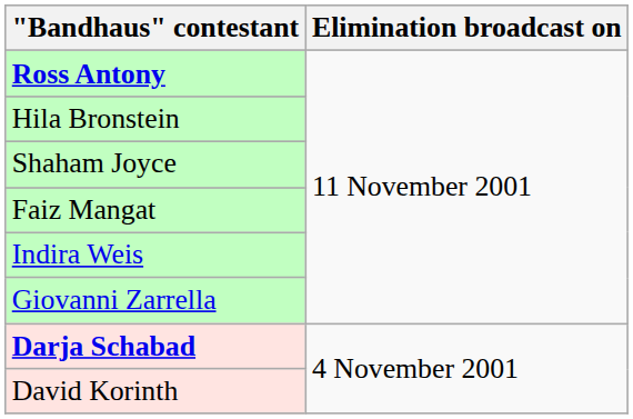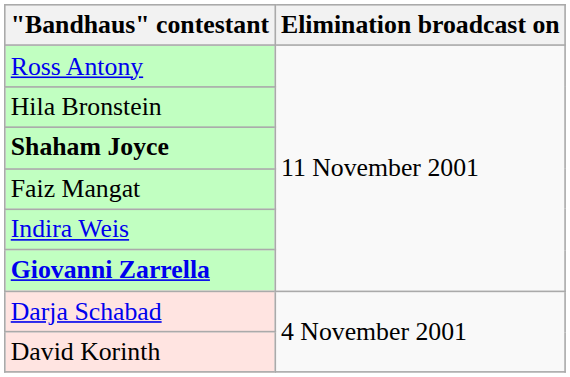 <table class=wikitable>
 <tr>
 <th>"Bandhaus" contestant</th>
 <th>Elimination broadcast on</th>
 </tr>
 <tr>
-<td style="background-color:#C1FFC1;"><strong><a href='#'>Ross Antony</a></strong></td>
+<td style="background-color:#C1FFC1;"><a href='#'>Ross Antony</a></td>
 <td align="left" rowspan=6>11 November 2001</td>
 </tr>
 <tr bgcolor="#C1FFC1">
 <td>Hila Bronstein</td>
 </tr>
 <tr bgcolor="#C1FFC1">
-<td>Shaham Joyce</td>
+<td><strong>Shaham Joyce</strong></td>
 </tr>
 <tr bgcolor="#C1FFC1">
 <td>Faiz Mangat</td>
 </tr>
 <tr bgcolor="#C1FFC1">
 <td><a href='#'>Indira Weis</a></td>
 </tr>
 <tr bgcolor="#C1FFC1">
-<td><a href='#'>Giovanni Zarrella</a></td>
+<td><strong><a href='#'>Giovanni Zarrella</a></strong></td>
 </tr>
 <tr>
-<td style="background-color:#FFE4E1;"><strong><a href='#'>Darja Schabad</a></strong></td>
+<td style="background-color:#FFE4E1;"><a href='#'>Darja Schabad</a></td>
 <td align="left" rowspan=3>4 November 2001</td>
 </tr>
 <tr>
 <td style="background-color:#FFE4E1;">David Korinth</td>
 </tr>
 </table>
